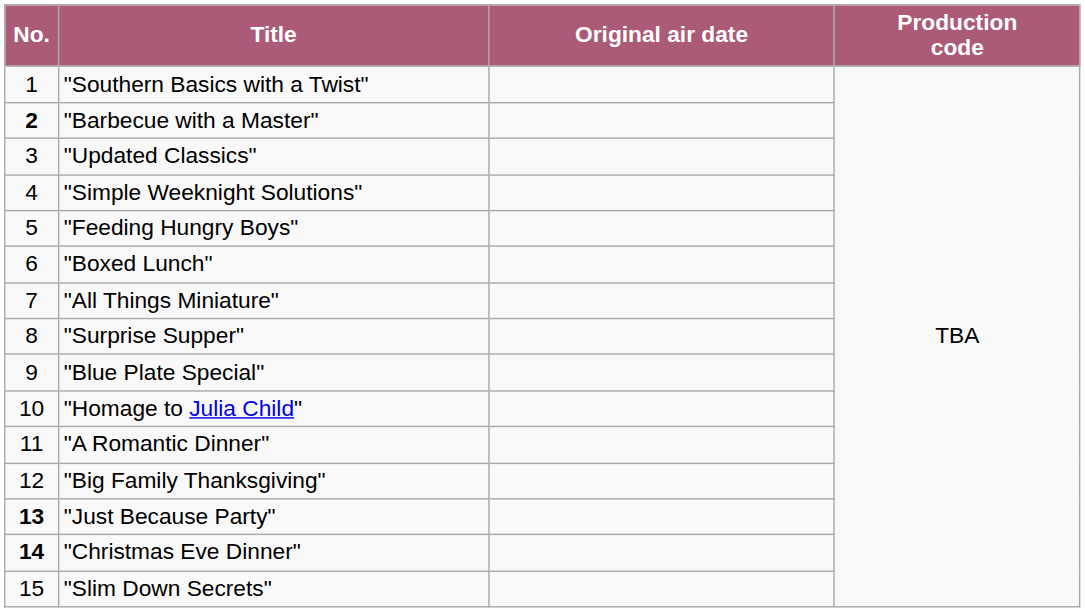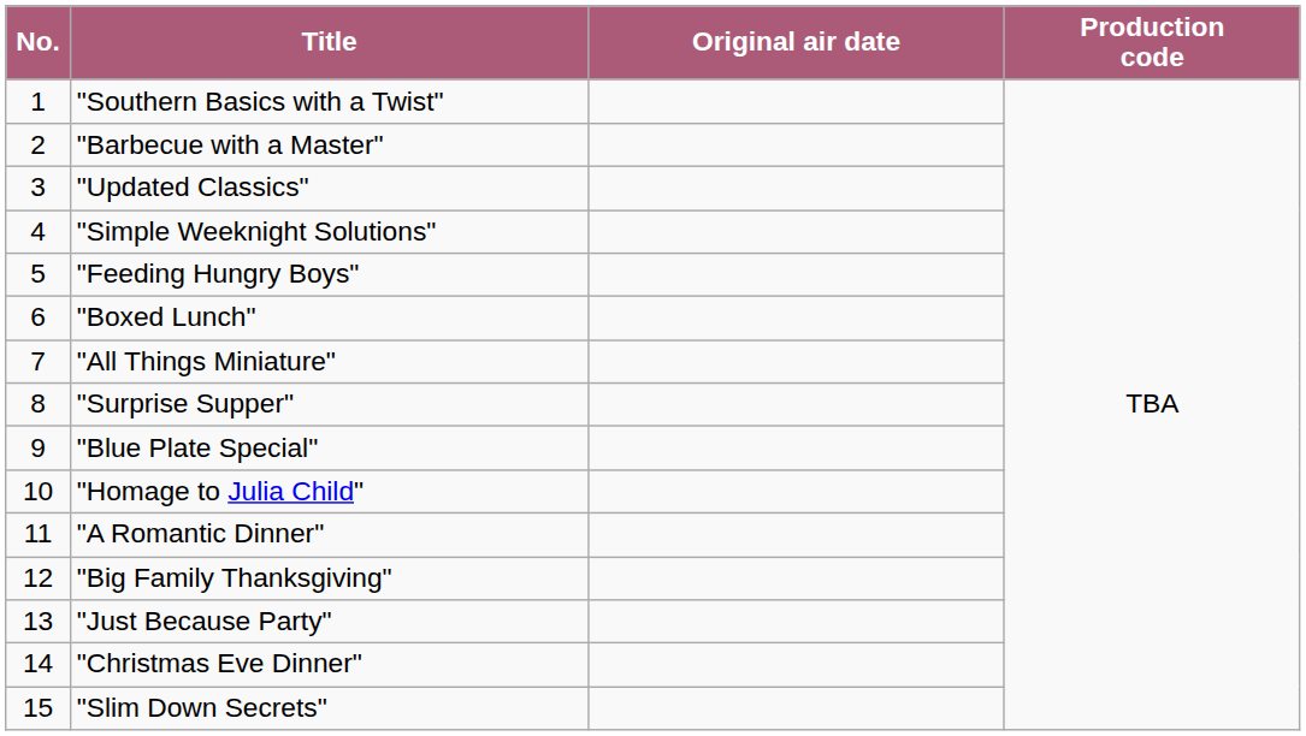 <table class="wikitable plainrowheaders" style="width:60%;">
 <tr>
 <th style="background-color: #ab5b78; color: #FFFFFF;" width=5%>No.</th>
 <th style="background-color: #ab5b78; color: #FFFFFF;" width=40%>Title</th>
 <th style="background-color: #ab5b78; color: #FFFFFF;">Original air date</th>
 <th style="background-color: #ab5b78; color: #FFFFFF;">Production<br>code</th>
 </tr>
 <tr>
 <td align=center>1</td>
 <td>"Southern Basics with a Twist"</td>
 <td align=center></td>
 <td align=center rowspan=15>TBA</td>
 </tr>
 <tr>
-<td align=center><strong>2</strong></td>
+<td align=center>2</td>
 <td>"Barbecue with a Master"</td>
 <td align=center></td>
 </tr>
 <tr>
 <td align=center>3</td>
 <td>"Updated Classics"</td>
 <td align=center></td>
 </tr>
 <tr>
 <td align=center>4</td>
 <td>"Simple Weeknight Solutions"</td>
 <td align=center></td>
 </tr>
 <tr>
 <td align=center>5</td>
 <td>"Feeding Hungry Boys"</td>
 <td align=center></td>
 </tr>
 <tr>
 <td align=center>6</td>
 <td>"Boxed Lunch"</td>
 <td align=center></td>
 </tr>
 <tr>
 <td align=center>7</td>
 <td>"All Things Miniature"</td>
 <td align=center></td>
 </tr>
 <tr>
 <td align=center>8</td>
 <td>"Surprise Supper"</td>
 <td align=center></td>
 </tr>
 <tr>
 <td align=center>9</td>
 <td>"Blue Plate Special"</td>
 <td align=center></td>
 </tr>
 <tr>
 <td align=center>10</td>
 <td>"Homage to <a href='#'>Julia Child</a>"</td>
 <td align=center></td>
 </tr>
 <tr>
 <td align=center>11</td>
 <td>"A Romantic Dinner"</td>
 <td align=center></td>
 </tr>
 <tr>
 <td align=center>12</td>
 <td>"Big Family Thanksgiving"</td>
 <td align=center></td>
 </tr>
 <tr>
-<td align=center><strong>13</strong></td>
+<td align=center>13</td>
 <td>"Just Because Party"</td>
 <td align=center></td>
 </tr>
 <tr>
-<td align=center><strong>14</strong></td>
+<td align=center>14</td>
 <td>"Christmas Eve Dinner"</td>
 <td align=center></td>
 </tr>
 <tr>
 <td align=center>15</td>
 <td>"Slim Down Secrets"</td>
 <td align=center></td>
 </tr>
 </table>
